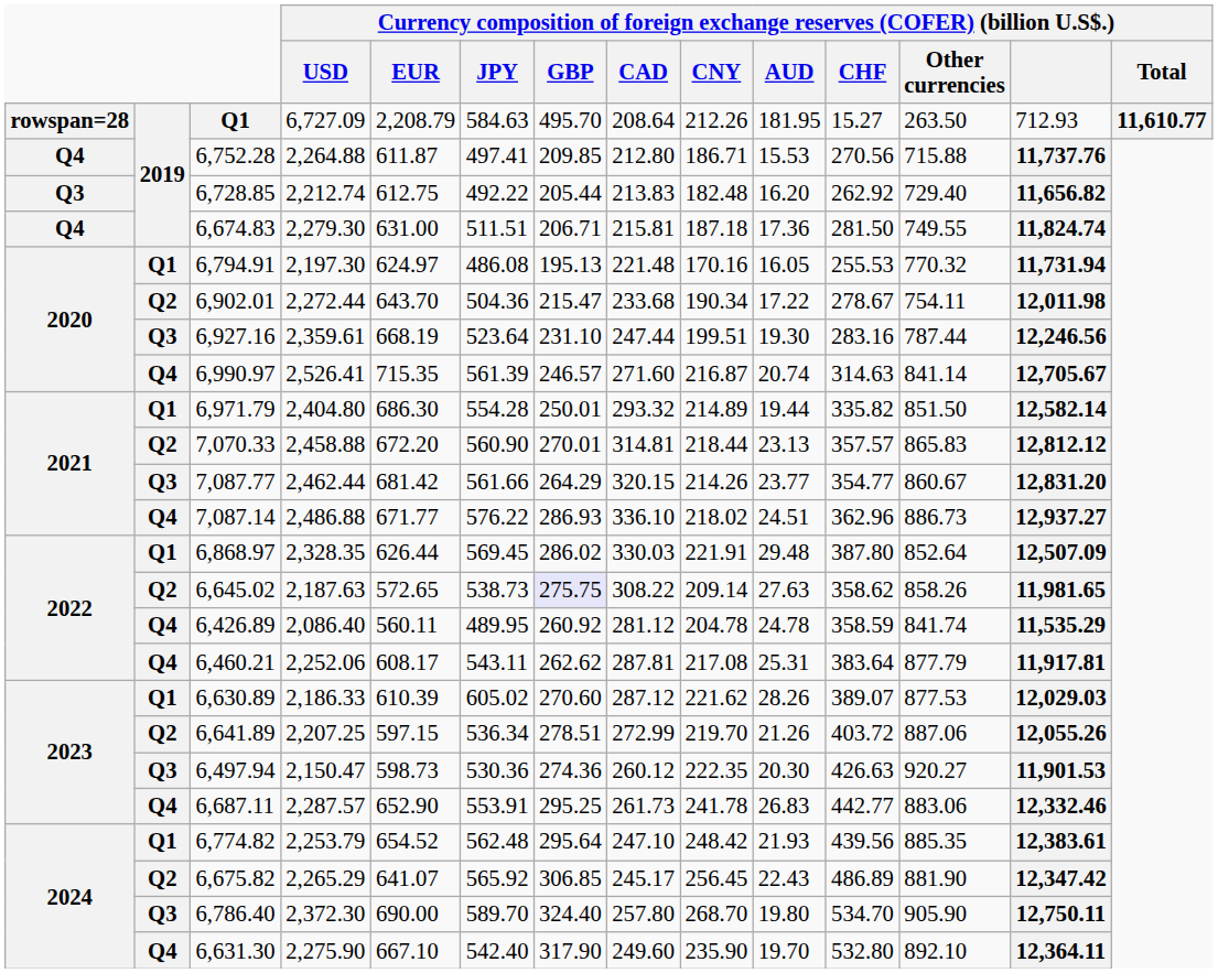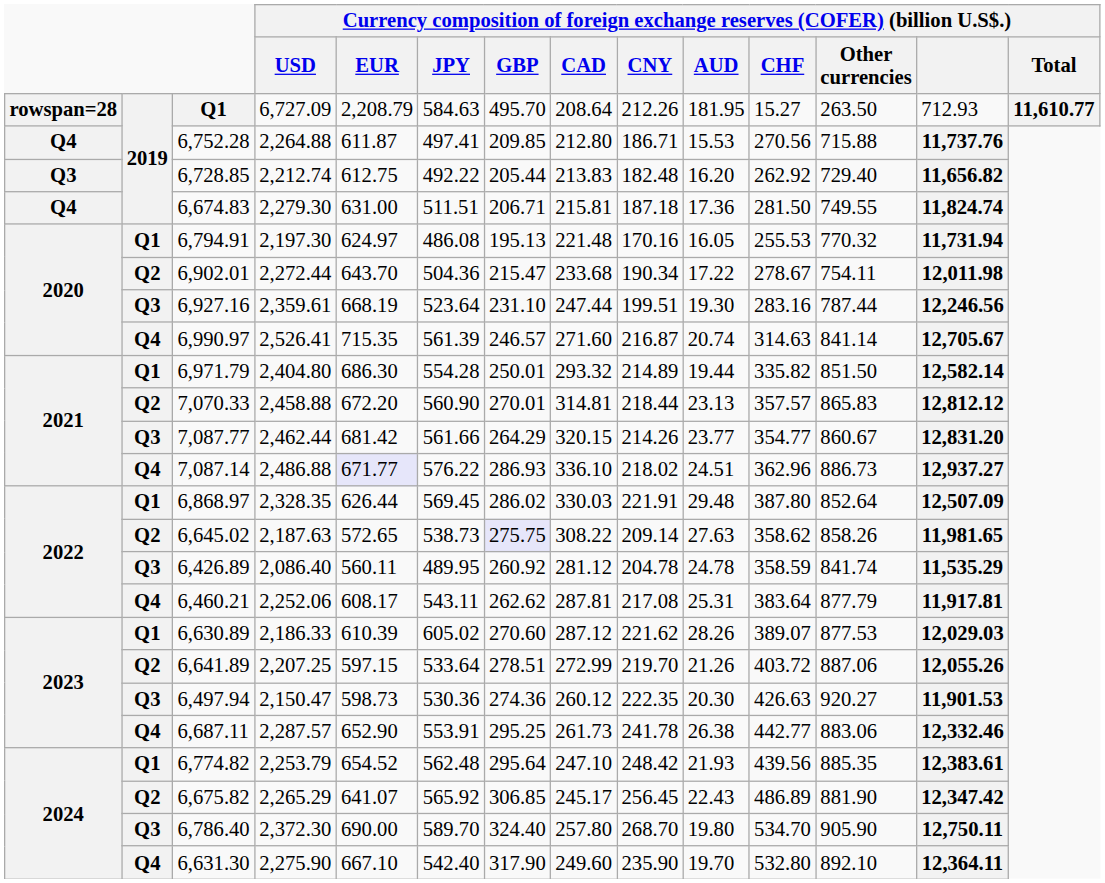 <table class="wikitable defaultcenter hover-highlight center" style="border: none;">
 <tr>
 <th colspan=3 rowspan=2 style="border: none; background: none;"></th>
 <th colspan=11><a href='#'>Currency composition of foreign exchange reserves (COFER)</a> (billion U.S$.)</th>
 </tr>
 <tr>
 <th><a href='#'>USD</a></th>
 <th><a href='#'>EUR</a></th>
 <th><a href='#'>JPY</a></th>
 <th><a href='#'>GBP</a></th>
 <th><a href='#'>CAD</a></th>
 <th><a href='#'>CNY</a></th>
 <th><a href='#'>AUD</a></th>
 <th><a href='#'>CHF</a></th>
 <th>Other<br>currencies</th>
 <th></th>
 <th>Total</th>
 </tr>
 <tr>
 <th>rowspan=28 </th>
 <th rowspan=4>2019</th>
 <th>Q1</th>
 <td>6,727.09</td>
 <td>2,208.79</td>
 <td>584.63</td>
 <td>495.70</td>
 <td>208.64</td>
 <td>212.26</td>
 <td>181.95</td>
 <td>15.27</td>
 <td>263.50</td>
 <td>712.93</td>
 <th>11,610.77</th>
 </tr>
 <tr>
 <th>Q4</th>
 <td>6,752.28</td>
 <td>2,264.88</td>
 <td>611.87</td>
 <td>497.41</td>
 <td>209.85</td>
 <td>212.80</td>
 <td>186.71</td>
 <td>15.53</td>
 <td>270.56</td>
 <td>715.88</td>
 <th>11,737.76</th>
 </tr>
 <tr>
 <th>Q3</th>
 <td>6,728.85</td>
 <td>2,212.74</td>
 <td>612.75</td>
 <td>492.22</td>
 <td>205.44</td>
 <td>213.83</td>
 <td>182.48</td>
 <td>16.20</td>
 <td>262.92</td>
 <td>729.40</td>
 <th>11,656.82</th>
 </tr>
 <tr>
 <th>Q4</th>
 <td>6,674.83</td>
 <td>2,279.30</td>
 <td>631.00</td>
 <td>511.51</td>
 <td>206.71</td>
 <td>215.81</td>
 <td>187.18</td>
 <td>17.36</td>
 <td>281.50</td>
 <td>749.55</td>
 <th>11,824.74</th>
 </tr>
 <tr>
 <th rowspan=4>2020</th>
 <th>Q1</th>
 <td>6,794.91</td>
 <td>2,197.30</td>
 <td>624.97</td>
 <td>486.08</td>
 <td>195.13</td>
 <td>221.48</td>
 <td>170.16</td>
 <td>16.05</td>
 <td>255.53</td>
 <td>770.32</td>
 <th>11,731.94</th>
 </tr>
 <tr>
 <th>Q2</th>
 <td>6,902.01</td>
 <td>2,272.44</td>
 <td>643.70</td>
 <td>504.36</td>
 <td>215.47</td>
 <td>233.68</td>
 <td>190.34</td>
 <td>17.22</td>
 <td>278.67</td>
 <td>754.11</td>
 <th>12,011.98</th>
 </tr>
 <tr>
 <th>Q3</th>
 <td>6,927.16</td>
 <td>2,359.61</td>
 <td>668.19</td>
 <td>523.64</td>
 <td>231.10</td>
 <td>247.44</td>
 <td>199.51</td>
 <td>19.30</td>
 <td>283.16</td>
 <td>787.44</td>
 <th>12,246.56</th>
 </tr>
 <tr>
 <th>Q4</th>
 <td>6,990.97</td>
 <td>2,526.41</td>
 <td>715.35</td>
 <td>561.39</td>
 <td>246.57</td>
 <td>271.60</td>
 <td>216.87</td>
 <td>20.74</td>
 <td>314.63</td>
 <td>841.14</td>
 <th>12,705.67</th>
 </tr>
 <tr>
 <th rowspan=4>2021</th>
 <th>Q1</th>
 <td>6,971.79</td>
 <td>2,404.80</td>
 <td>686.30</td>
 <td>554.28</td>
 <td>250.01</td>
 <td>293.32</td>
 <td>214.89</td>
 <td>19.44</td>
 <td>335.82</td>
 <td>851.50</td>
 <th>12,582.14</th>
 </tr>
 <tr>
 <th>Q2</th>
 <td>7,070.33</td>
 <td>2,458.88</td>
 <td>672.20</td>
 <td>560.90</td>
 <td>270.01</td>
 <td>314.81</td>
 <td>218.44</td>
 <td>23.13</td>
 <td>357.57</td>
 <td>865.83</td>
 <th>12,812.12</th>
 </tr>
 <tr>
 <th>Q3</th>
 <td>7,087.77</td>
 <td>2,462.44</td>
 <td>681.42</td>
 <td>561.66</td>
 <td>264.29</td>
 <td>320.15</td>
 <td>214.26</td>
 <td>23.77</td>
 <td>354.77</td>
 <td>860.67</td>
 <th>12,831.20</th>
 </tr>
 <tr>
 <th>Q4</th>
 <td>7,087.14</td>
 <td>2,486.88</td>
-<td>671.77</td>
+<td style="background: lavender;">671.77</td>
 <td>576.22</td>
 <td>286.93</td>
 <td>336.10</td>
 <td>218.02</td>
 <td>24.51</td>
 <td>362.96</td>
 <td>886.73</td>
 <th>12,937.27</th>
 </tr>
 <tr>
 <th rowspan=4>2022</th>
 <th>Q1</th>
 <td>6,868.97</td>
 <td>2,328.35</td>
 <td>626.44</td>
 <td>569.45</td>
 <td>286.02</td>
 <td>330.03</td>
 <td>221.91</td>
 <td>29.48</td>
 <td>387.80</td>
 <td>852.64</td>
 <th>12,507.09</th>
 </tr>
 <tr>
 <th>Q2</th>
 <td>6,645.02</td>
 <td>2,187.63</td>
 <td>572.65</td>
 <td>538.73</td>
 <td style="background: lavender;">275.75</td>
 <td>308.22</td>
 <td>209.14</td>
 <td>27.63</td>
 <td>358.62</td>
 <td>858.26</td>
 <th>11,981.65</th>
 </tr>
 <tr>
-<th>Q4</th>
+<th>Q3</th>
 <td>6,426.89</td>
 <td>2,086.40</td>
 <td>560.11</td>
 <td>489.95</td>
 <td>260.92</td>
 <td>281.12</td>
 <td>204.78</td>
 <td>24.78</td>
 <td>358.59</td>
 <td>841.74</td>
 <th>11,535.29</th>
 </tr>
 <tr>
 <th>Q4</th>
 <td>6,460.21</td>
 <td>2,252.06</td>
 <td>608.17</td>
 <td>543.11</td>
 <td>262.62</td>
 <td>287.81</td>
 <td>217.08</td>
 <td>25.31</td>
 <td>383.64</td>
 <td>877.79</td>
 <th>11,917.81</th>
 </tr>
 <tr>
 <th rowspan=4>2023</th>
 <th>Q1</th>
 <td>6,630.89</td>
 <td>2,186.33</td>
 <td>610.39</td>
 <td>605.02</td>
 <td>270.60</td>
 <td>287.12</td>
 <td>221.62</td>
 <td>28.26</td>
 <td>389.07</td>
 <td>877.53</td>
 <th>12,029.03</th>
 </tr>
 <tr>
 <th>Q2</th>
 <td>6,641.89</td>
 <td>2,207.25</td>
 <td>597.15</td>
-<td>536.34</td>
+<td>533.64</td>
 <td>278.51</td>
 <td>272.99</td>
 <td>219.70</td>
 <td>21.26</td>
 <td>403.72</td>
 <td>887.06</td>
 <th>12,055.26</th>
 </tr>
 <tr>
 <th>Q3</th>
 <td>6,497.94</td>
 <td>2,150.47</td>
 <td>598.73</td>
 <td>530.36</td>
 <td>274.36</td>
 <td>260.12</td>
 <td>222.35</td>
 <td>20.30</td>
 <td>426.63</td>
 <td>920.27</td>
 <th>11,901.53</th>
 </tr>
 <tr>
 <th>Q4</th>
 <td>6,687.11</td>
 <td>2,287.57</td>
 <td>652.90</td>
 <td>553.91</td>
 <td>295.25</td>
 <td>261.73</td>
 <td>241.78</td>
-<td>26.83</td>
+<td>26.38</td>
 <td>442.77</td>
 <td>883.06</td>
 <th>12,332.46</th>
 </tr>
 <tr>
 <th rowspan=4>2024</th>
 <th>Q1</th>
 <td>6,774.82</td>
 <td>2,253.79</td>
 <td>654.52</td>
 <td>562.48</td>
 <td>295.64</td>
 <td>247.10</td>
 <td>248.42</td>
 <td>21.93</td>
 <td>439.56</td>
 <td>885.35</td>
 <th>12,383.61</th>
 </tr>
 <tr>
 <th>Q2</th>
 <td>6,675.82</td>
 <td>2,265.29</td>
 <td>641.07</td>
 <td>565.92</td>
 <td>306.85</td>
 <td>245.17</td>
 <td>256.45</td>
 <td>22.43</td>
 <td>486.89</td>
 <td>881.90</td>
 <th>12,347.42</th>
 </tr>
 <tr>
 <th>Q3</th>
 <td>6,786.40</td>
 <td>2,372.30</td>
 <td>690.00</td>
 <td>589.70</td>
 <td>324.40</td>
 <td>257.80</td>
 <td>268.70</td>
 <td>19.80</td>
 <td>534.70</td>
 <td>905.90</td>
 <th>12,750.11</th>
 </tr>
 <tr>
 <th>Q4</th>
 <td>6,631.30</td>
 <td>2,275.90</td>
 <td>667.10</td>
 <td>542.40</td>
 <td>317.90</td>
 <td>249.60</td>
 <td>235.90</td>
 <td>19.70</td>
 <td>532.80</td>
 <td>892.10</td>
 <th>12,364.11</th>
 </tr>
 <tr>
 </tr>
 </table>
